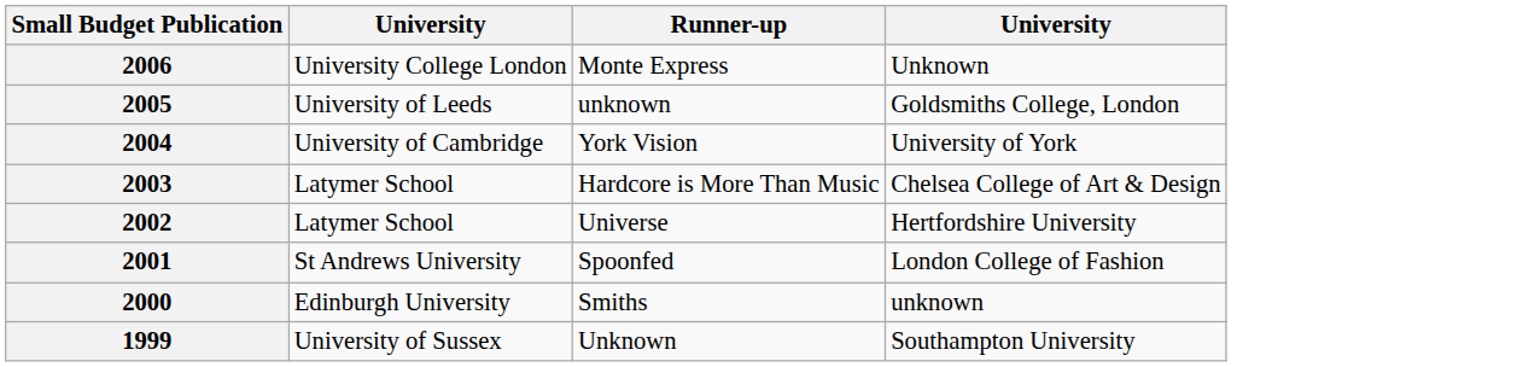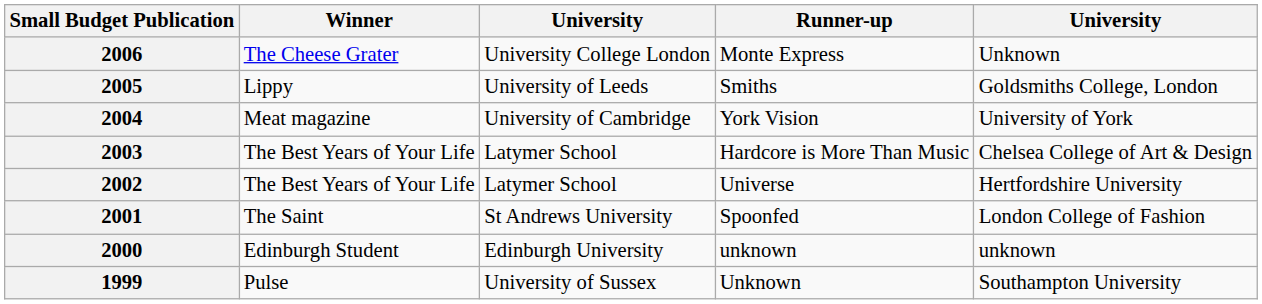 <table class="wikitable" style="font-align: center">
 <tr>
 <th>Small Budget Publication</th>
+<th>Winner</th>
 <th>University</th>
 <th>Runner-up</th>
 <th>University</th>
 </tr>
 <tr>
 <th>2006</th>
+<td><a href='#'>The Cheese Grater</a></td>
 <td>University College London</td>
 <td>Monte Express</td>
 <td>Unknown</td>
 </tr>
 <tr>
 <th>2005</th>
+<td>Lippy</td>
 <td>University of Leeds</td>
-<td>unknown</td>
+<td>Smiths</td>
 <td>Goldsmiths College, London</td>
 </tr>
 <tr>
 <th>2004</th>
+<td>Meat magazine</td>
 <td>University of Cambridge</td>
 <td>York Vision</td>
 <td>University of York</td>
 </tr>
 <tr>
 <th>2003</th>
+<td>The Best Years of Your Life</td>
 <td>Latymer School</td>
 <td>Hardcore is More Than Music</td>
 <td>Chelsea College of Art & Design</td>
 </tr>
 <tr>
 <th>2002</th>
+<td>The Best Years of Your Life</td>
 <td>Latymer School</td>
 <td>Universe</td>
 <td>Hertfordshire University</td>
 </tr>
 <tr>
 <th>2001</th>
+<td>The Saint</td>
 <td>St Andrews University</td>
 <td>Spoonfed</td>
 <td>London College of Fashion</td>
 </tr>
 <tr>
 <th>2000</th>
+<td>Edinburgh Student</td>
 <td>Edinburgh University</td>
-<td>Smiths</td>
+<td>unknown</td>
 <td>unknown</td>
 </tr>
 <tr>
 <th>1999</th>
+<td>Pulse</td>
 <td>University of Sussex</td>
 <td>Unknown</td>
 <td>Southampton University</td>
 </tr>
 </table>
